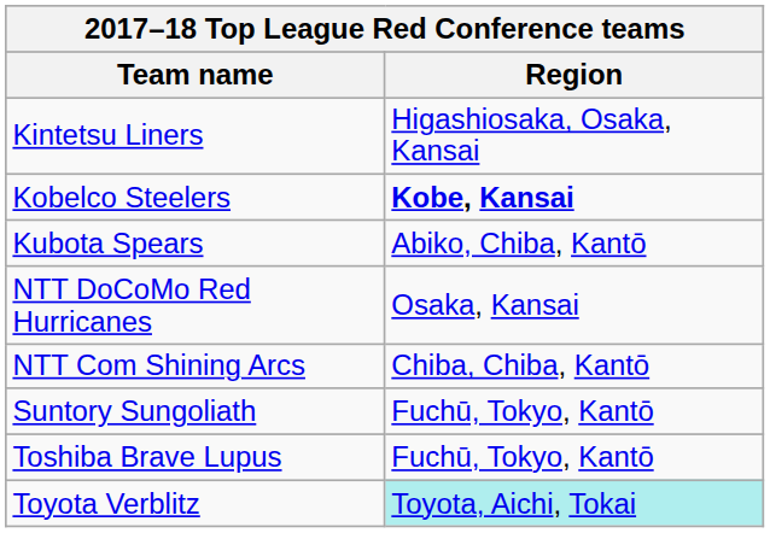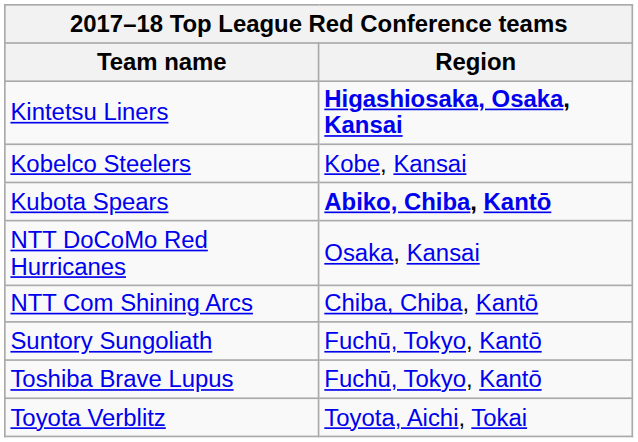 <table class="wikitable" style="text-align:left; font-size:90%; width:30%;">
 <tr>
 <th colspan=4 align=center><strong>2017–18 Top League Red Conference teams</strong></th>
 </tr>
 <tr>
 <th width="50%">Team name</th>
 <th width="50%">Region</th>
 </tr>
 <tr>
 <td><a href='#'>Kintetsu Liners</a></td>
-<td><a href='#'>Higashiosaka, Osaka</a>, <a href='#'>Kansai</a></td>
+<td><strong><a href='#'>Higashiosaka, Osaka</a>, <a href='#'>Kansai</a></strong></td>
 </tr>
 <tr>
 <td><a href='#'>Kobelco Steelers</a></td>
-<td><strong><a href='#'>Kobe</a>, <a href='#'>Kansai</a></strong></td>
+<td><a href='#'>Kobe</a>, <a href='#'>Kansai</a></td>
 </tr>
 <tr>
 <td><a href='#'>Kubota Spears</a></td>
-<td><a href='#'>Abiko, Chiba</a>, <a href='#'>Kantō</a></td>
+<td><strong><a href='#'>Abiko, Chiba</a>, <a href='#'>Kantō</a></strong></td>
 </tr>
 <tr>
 <td><a href='#'>NTT DoCoMo Red Hurricanes</a></td>
 <td><a href='#'>Osaka</a>, <a href='#'>Kansai</a></td>
 </tr>
 <tr>
 <td><a href='#'>NTT Com Shining Arcs</a></td>
 <td><a href='#'>Chiba, Chiba</a>, <a href='#'>Kantō</a></td>
 </tr>
 <tr>
 <td><a href='#'>Suntory Sungoliath</a></td>
 <td><a href='#'>Fuchū, Tokyo</a>, <a href='#'>Kantō</a></td>
 </tr>
 <tr>
 <td><a href='#'>Toshiba Brave Lupus</a></td>
 <td><a href='#'>Fuchū, Tokyo</a>, <a href='#'>Kantō</a></td>
 </tr>
 <tr>
 <td><a href='#'>Toyota Verblitz</a></td>
-<td style="background: paleturquoise;"><a href='#'>Toyota, Aichi</a>, <a href='#'>Tokai</a></td>
+<td><a href='#'>Toyota, Aichi</a>, <a href='#'>Tokai</a></td>
 </tr>
 </table>
